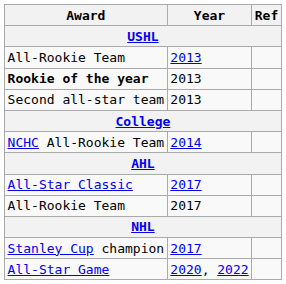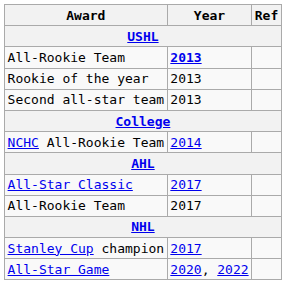 <table class="wikitable">
 <tr>
 <th>Award</th>
 <th>Year</th>
 <th>Ref</th>
 </tr>
 <tr>
 <th colspan="3"><a href='#'>USHL</a></th>
 </tr>
 <tr>
 <td>All-Rookie Team</td>
-<td><a href='#'>2013</a></td>
+<td><strong><a href='#'>2013</a></strong></td>
 <td></td>
 </tr>
 <tr>
-<td><strong>Rookie of the year</strong></td>
+<td>Rookie of the year</td>
 <td>2013</td>
 <td></td>
 </tr>
 <tr>
 <td>Second all-star team</td>
 <td>2013</td>
 <td></td>
 </tr>
 <tr>
 <th colspan="3"><a href='#'>College</a></th>
 </tr>
 <tr>
 <td><a href='#'>NCHC</a> All-Rookie Team</td>
 <td><a href='#'>2014</a></td>
 <td></td>
 </tr>
 <tr>
 <th colspan="3"><a href='#'>AHL</a></th>
 </tr>
 <tr>
 <td><a href='#'>All-Star Classic</a></td>
 <td><a href='#'>2017</a></td>
 <td></td>
 </tr>
 <tr>
 <td>All-Rookie Team</td>
 <td>2017</td>
 <td></td>
 </tr>
 <tr>
 <th colspan="3"><a href='#'>NHL</a></th>
 </tr>
 <tr>
 <td><a href='#'>Stanley Cup</a> champion</td>
 <td><a href='#'>2017</a></td>
 <td></td>
 </tr>
 <tr>
 <td><a href='#'>All-Star Game</a></td>
 <td><a href='#'>2020</a>, <a href='#'>2022</a></td>
 <td></td>
 </tr>
 </table>
